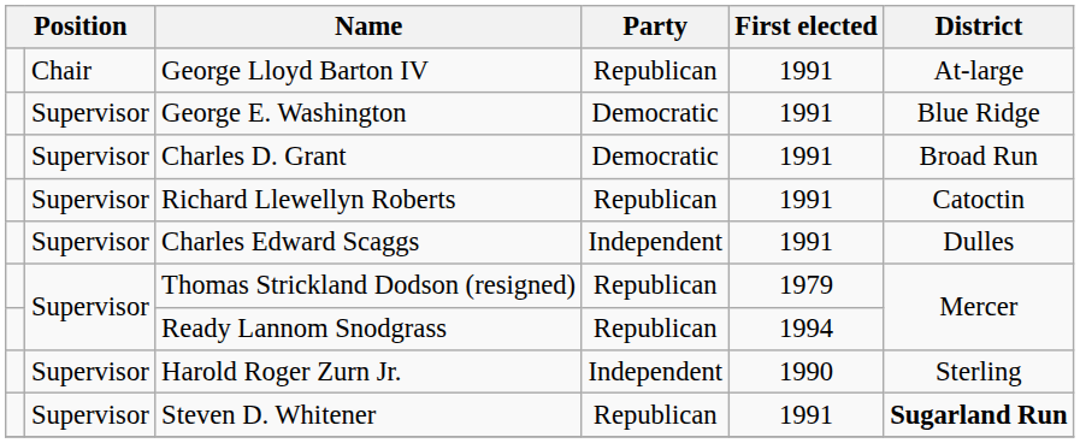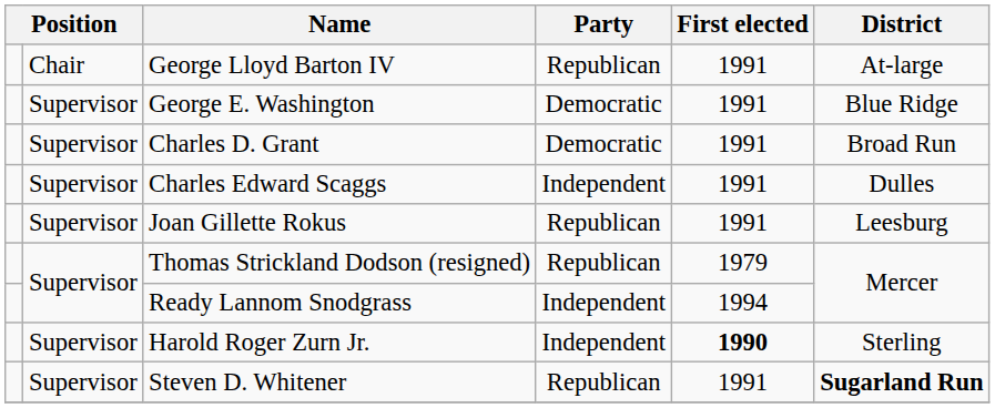 <table class="wikitable">
 <tr>
 <th colspan="2">Position</th>
 <th>Name</th>
 <th>Party</th>
 <th>First elected</th>
 <th>District</th>
 </tr>
 <tr>
 <td style="background-color:"> </td>
 <td>Chair</td>
 <td>George Lloyd Barton IV</td>
 <td style="text-align:center;">Republican</td>
 <td style="text-align:center;">1991</td>
 <td style="text-align:center;">At-large</td>
 </tr>
 <tr>
 <td style="background-color:"> </td>
 <td>Supervisor</td>
 <td>George E. Washington</td>
 <td style="text-align:center;">Democratic</td>
 <td style="text-align:center;">1991</td>
 <td style="text-align:center;">Blue Ridge</td>
 </tr>
 <tr>
 <td style="background-color:"> </td>
 <td>Supervisor</td>
 <td>Charles D. Grant</td>
 <td style="text-align:center;">Democratic</td>
 <td style="text-align:center;">1991</td>
 <td style="text-align:center;">Broad Run</td>
 </tr>
 <tr>
 <td style="background-color:"> </td>
 <td>Supervisor</td>
-<td>Richard Llewellyn Roberts</td>
-<td style="text-align:center;">Republican</td>
+<td>Charles Edward Scaggs</td>
+<td style="text-align:center;">Independent</td>
 <td style="text-align:center;">1991</td>
-<td style="text-align:center;">Catoctin</td>
+<td style="text-align:center;">Dulles</td>
 </tr>
 <tr>
 <td style="background-color:"> </td>
 <td>Supervisor</td>
-<td>Charles Edward Scaggs</td>
-<td style="text-align:center;">Independent</td>
+<td>Joan Gillette Rokus</td>
+<td style="text-align:center;">Republican</td>
 <td style="text-align:center;">1991</td>
-<td style="text-align:center;">Dulles</td>
+<td style="text-align:center;">Leesburg</td>
 </tr>
 <tr>
 <td style="background-color:"> </td>
 <td rowspan="2">Supervisor</td>
 <td>Thomas Strickland Dodson (resigned)</td>
 <td style="text-align:center;">Republican</td>
 <td style="text-align:center;">1979</td>
 <td rowspan="2" style="text-align:center;">Mercer</td>
 </tr>
 <tr>
 <td style="background-color:"> </td>
 <td>Ready Lannom Snodgrass</td>
-<td style="text-align:center;">Republican</td>
+<td style="text-align:center;">Independent</td>
 <td style="text-align:center;">1994</td>
 </tr>
 <tr>
 <td style="background-color:"> </td>
 <td>Supervisor</td>
 <td>Harold Roger Zurn Jr.</td>
 <td style="text-align:center;">Independent</td>
-<td style="text-align:center;">1990</td>
+<td style="text-align:center;"><strong>1990</strong></td>
 <td style="text-align:center;">Sterling</td>
 </tr>
 <tr>
 <td style="background-color:"> </td>
 <td>Supervisor</td>
 <td>Steven D. Whitener</td>
 <td style="text-align:center;">Republican</td>
 <td style="text-align:center;">1991</td>
 <td style="text-align:center;"><strong>Sugarland Run</strong></td>
 </tr>
 <tr>
 </tr>
 </table>
